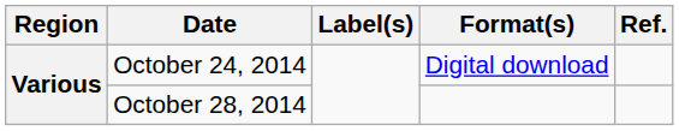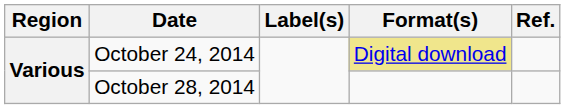 <table class="wikitable plainrowheaders">
 <tr>
 <th scope="col">Region</th>
 <th scope="col">Date</th>
 <th scope="col">Label(s)</th>
 <th scope="col">Format(s)</th>
 <th scope="col">Ref.</th>
 </tr>
 <tr>
 <th scope="row" rowspan="2">Various</th>
 <td>October 24, 2014</td>
 <td rowspan="2"></td>
-<td><a href='#'>Digital download</a></td>
+<td style="background: khaki;"><a href='#'>Digital download</a></td>
 <td></td>
 </tr>
 <tr>
 <td>October 28, 2014</td>
 <td></td>
 <td></td>
 </tr>
 </table>
